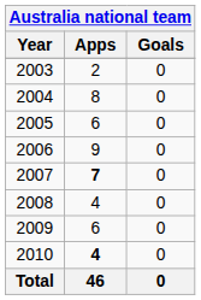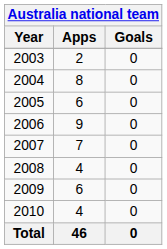 <table class="wikitable" style="text-align:center">
 <tr>
 <th colspan=3><a href='#'>Australia national team</a></th>
 </tr>
 <tr>
 <th>Year</th>
 <th>Apps</th>
 <th>Goals</th>
 </tr>
 <tr>
 </tr>
 <tr>
 <td>2003</td>
 <td>2</td>
 <td>0</td>
 </tr>
 <tr>
 <td>2004</td>
 <td>8</td>
 <td>0</td>
 </tr>
 <tr>
 <td>2005</td>
 <td>6</td>
 <td>0</td>
 </tr>
 <tr>
 <td>2006</td>
 <td>9</td>
 <td>0</td>
 </tr>
 <tr>
 <td>2007</td>
-<td><strong>7</strong></td>
+<td>7</td>
 <td>0</td>
 </tr>
 <tr>
 <td>2008</td>
 <td>4</td>
 <td>0</td>
 </tr>
 <tr>
 <td>2009</td>
 <td>6</td>
 <td>0</td>
 </tr>
 <tr>
 <td>2010</td>
-<td><strong>4</strong></td>
+<td>4</td>
 <td>0</td>
 </tr>
 <tr>
 <th>Total</th>
 <th>46</th>
 <th>0</th>
 </tr>
 </table>
